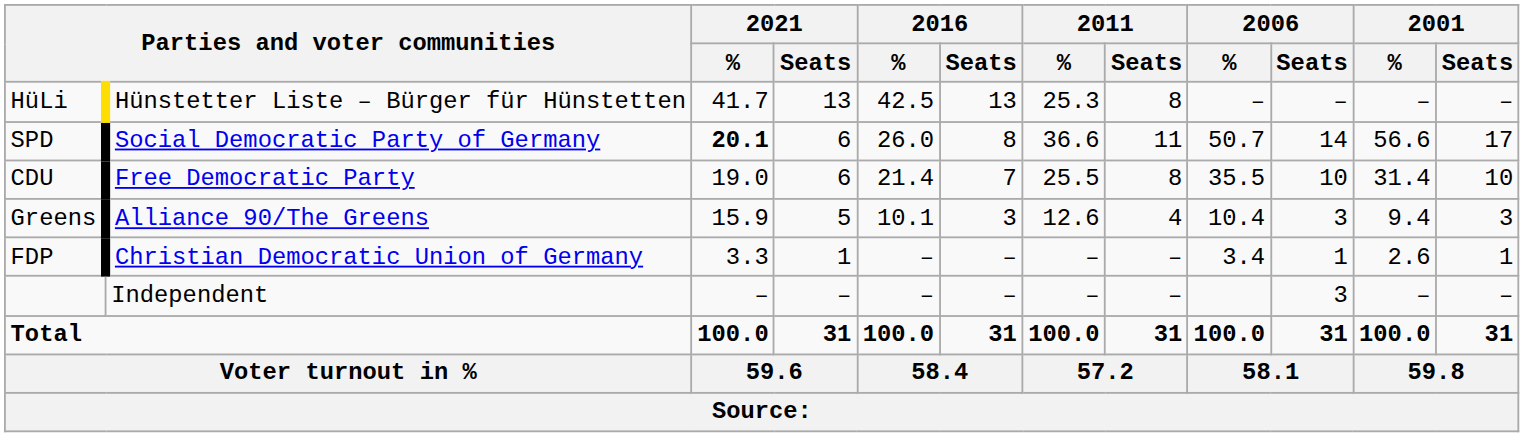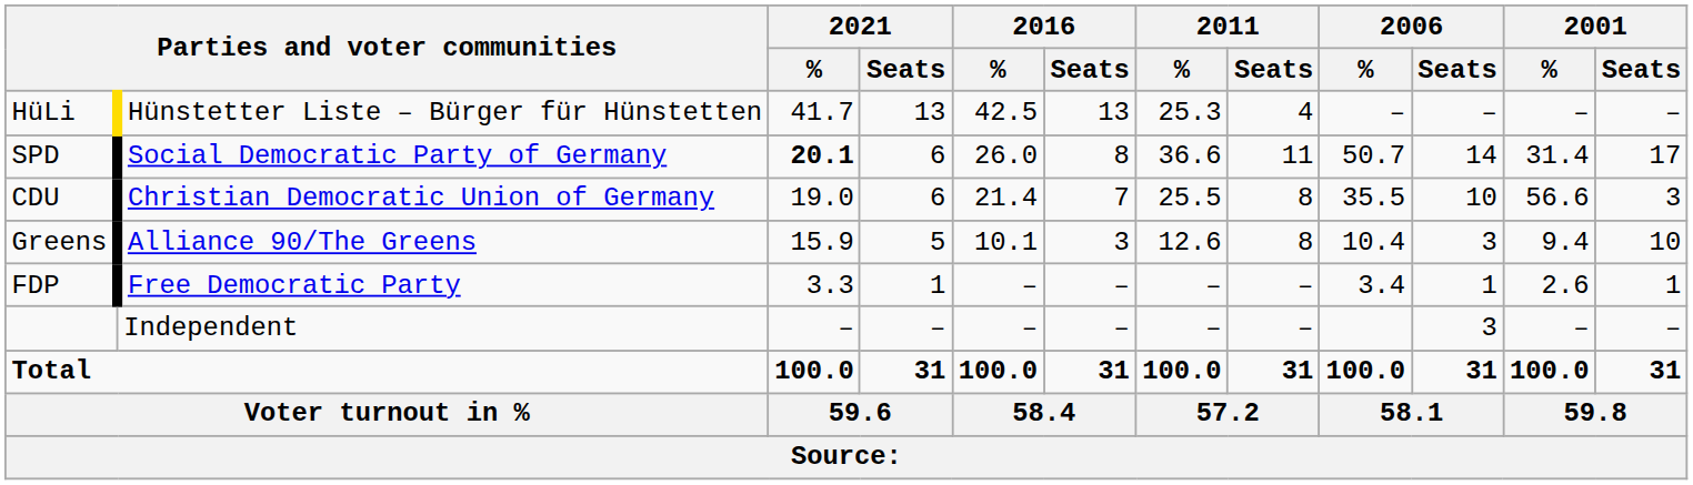 <table class="wikitable" style="text-align:right;">
 <tr>
 <th colspan="2" rowspan="2">Parties and voter communities</th>
 <th colspan="2">2021</th>
 <th colspan="2">2016</th>
 <th colspan="2">2011</th>
 <th colspan="2">2006 </th>
 <th colspan="2">2001 </th>
 </tr>
 <tr>
 <th>%</th>
 <th>Seats</th>
 <th>%</th>
 <th>Seats</th>
 <th>%</th>
 <th>Seats</th>
 <th>%</th>
 <th>Seats</th>
 <th>%</th>
 <th>Seats</th>
 </tr>
 <tr>
 <td style="text-align:left; border-right:5px solid #FEDD02;">HüLi</td>
 <td style="text-align:left;">Hünstetter Liste – Bürger für Hünstetten</td>
 <td>41.7</td>
 <td>13</td>
 <td>42.5</td>
 <td>13</td>
 <td>25.3</td>
-<td>8</td>
+<td>4</td>
 <td>–</td>
 <td>–</td>
 <td>–</td>
 <td>–</td>
 </tr>
 <tr>
 <td style="text-align:left; border-right:5px solid ">SPD</td>
 <td style="text-align:left;"><a href='#'>Social Democratic Party of Germany</a></td>
 <td><strong>20.1</strong></td>
 <td>6</td>
 <td>26.0</td>
 <td>8</td>
 <td>36.6</td>
 <td>11</td>
 <td>50.7</td>
 <td>14</td>
-<td>56.6</td>
+<td>31.4</td>
 <td>17</td>
 </tr>
 <tr>
 <td style="text-align:left; border-right:5px solid ">CDU</td>
-<td style="text-align:left;"><a href='#'>Free Democratic Party</a></td>
+<td style="text-align:left;"><a href='#'>Christian Democratic Union of Germany</a></td>
 <td>19.0</td>
 <td>6</td>
 <td>21.4</td>
 <td>7</td>
 <td>25.5</td>
 <td>8</td>
 <td>35.5</td>
 <td>10</td>
-<td>31.4</td>
-<td>10</td>
+<td>56.6</td>
+<td>3</td>
 </tr>
 <tr>
 <td style="text-align:left; border-right:5px solid ">Greens</td>
 <td style="text-align:left;"><a href='#'>Alliance 90/The Greens</a></td>
 <td>15.9</td>
 <td>5</td>
 <td>10.1</td>
 <td>3</td>
 <td>12.6</td>
-<td>4</td>
+<td>8</td>
 <td>10.4</td>
 <td>3</td>
 <td>9.4</td>
-<td>3</td>
+<td>10</td>
 </tr>
 <tr>
 <td style="text-align:left; border-right:5px solid ">FDP</td>
-<td style="text-align:left;"><a href='#'>Christian Democratic Union of Germany</a></td>
+<td style="text-align:left;"><a href='#'>Free Democratic Party</a></td>
 <td>3.3</td>
 <td>1</td>
 <td>–</td>
 <td>–</td>
 <td>–</td>
 <td>–</td>
 <td>3.4</td>
 <td>1</td>
 <td>2.6</td>
 <td>1</td>
 </tr>
 <tr>
 <td></td>
 <td style="text-align:left;">Independent</td>
 <td>–</td>
 <td>–</td>
 <td>–</td>
 <td>–</td>
 <td>–</td>
 <td>–</td>
 <td></td>
 <td>3</td>
 <td>–</td>
 <td>–</td>
 </tr>
 <tr>
 <td colspan="2" style="text-align:left;"><strong>Total</strong></td>
 <td><strong>100.0</strong></td>
 <td><strong>31</strong></td>
 <td><strong>100.0</strong></td>
 <td><strong>31</strong></td>
 <td><strong>100.0</strong></td>
 <td><strong>31</strong></td>
 <td><strong>100.0</strong></td>
 <td><strong>31</strong></td>
 <td><strong>100.0</strong></td>
 <td><strong>31</strong></td>
 </tr>
 <tr>
 <th colspan="2">Voter turnout in %</th>
 <th colspan="2"><strong>59.6</strong></th>
 <th colspan="2"><strong>58.4</strong></th>
 <th colspan="2"><strong>57.2</strong></th>
 <th colspan="2"><strong>58.1</strong></th>
 <th colspan="2"><strong>59.8</strong></th>
 </tr>
 <tr>
 <th colspan="12">Source:  <br>  </th>
 </tr>
 </table>
